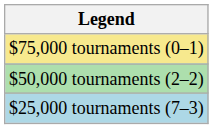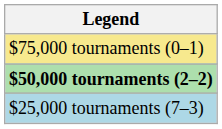 <table class="wikitable" style="font-size:85%">
 <tr>
 <th>Legend</th>
 </tr>
 <tr bgcolor=f7e98e>
 <td>$75,000 tournaments (0–1)</td>
 </tr>
 <tr bgcolor=addfad>
-<td>$50,000 tournaments (2–2)</td>
+<td><strong>$50,000 tournaments (2–2)</strong></td>
 </tr>
 <tr bgcolor=lightblue>
 <td>$25,000 tournaments (7–3)</td>
 </tr>
 </table>
